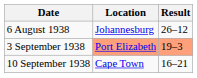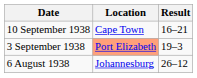 <table class="wikitable" style="align:center;">
 <tr>
 <th>Date</th>
 <th>Location</th>
 <th>Result</th>
 </tr>
 <tr>
+<td>10 September 1938</td>
+<td><a href='#'>Cape Town</a></td>
+<td> 16–21 </td>
+</tr>
+<tr>
+<td>3 September 1938</td>
+<td style="background: lightsalmon;"><a href='#'>Port Elizabeth</a></td>
+<td> 19–3 </td>
+</tr>
+<tr>
 <td>6 August 1938</td>
 <td><a href='#'>Johannesburg</a></td>
 <td> 26–12 </td>
 </tr>
-<tr>
-<td>3 September 1938</td>
-<td style="background: lightsalmon;"><a href='#'>Port Elizabeth</a></td>
-<td style="background: lightsalmon;"> 19–3 </td>
-</tr>
-<tr>
-<td>10 September 1938</td>
-<td><a href='#'>Cape Town</a></td>
-<td> 16–21 </td>
-</tr>
 </table>
